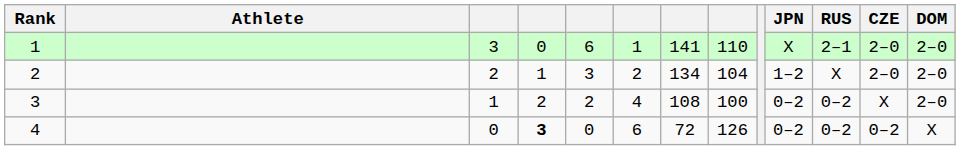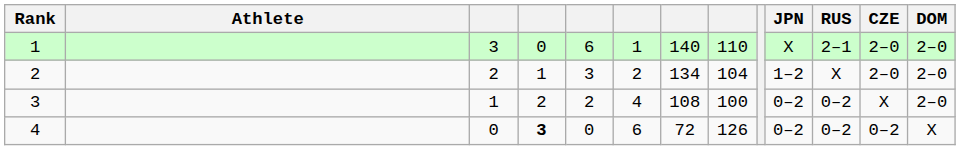 <table class="wikitable" style="text-align:center">
 <tr>
 <th width=40>Rank</th>
 <th width=300>Athlete</th>
 <th width=30></th>
 <th width=30></th>
 <th width=30></th>
 <th width=30></th>
 <th width=30></th>
 <th width=30></th>
 <th rowspan=5></th>
 <th width=30>JPN</th>
 <th width=30>RUS</th>
 <th width=30>CZE</th>
 <th width=30>DOM</th>
 </tr>
 <tr style="background-color:#ccffcc;">
 <td>1</td>
 <td align=left></td>
 <td>3</td>
 <td>0</td>
 <td>6</td>
 <td>1</td>
-<td>141</td>
+<td>140</td>
 <td>110</td>
 <td>X</td>
 <td>2–1</td>
 <td>2–0</td>
 <td>2–0</td>
 </tr>
 <tr>
 <td>2</td>
 <td align=left></td>
 <td>2</td>
 <td>1</td>
 <td>3</td>
 <td>2</td>
 <td>134</td>
 <td>104</td>
 <td>1–2</td>
 <td>X</td>
 <td>2–0</td>
 <td>2–0</td>
 </tr>
 <tr>
 <td>3</td>
 <td align=left></td>
 <td>1</td>
 <td>2</td>
 <td>2</td>
 <td>4</td>
 <td>108</td>
 <td>100</td>
 <td>0–2</td>
 <td>0–2</td>
 <td>X</td>
 <td>2–0</td>
 </tr>
 <tr>
 <td>4</td>
 <td align=left></td>
 <td>0</td>
 <td><strong>3</strong></td>
 <td>0</td>
 <td>6</td>
 <td>72</td>
 <td>126</td>
 <td>0–2</td>
 <td>0–2</td>
 <td>0–2</td>
 <td>X</td>
 </tr>
 </table>
